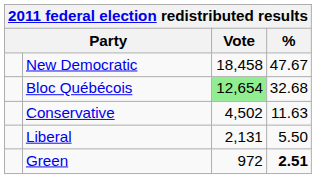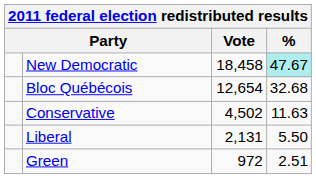 <table class="wikitable">
 <tr>
 <th colspan="4"><a href='#'>2011 federal election</a> redistributed results</th>
 </tr>
 <tr>
 <th bgcolor="#DDDDFF" width="130px" colspan="2">Party</th>
 <th bgcolor="#DDDDFF" width="50px">Vote</th>
 <th bgcolor="#DDDDFF" width="30px">%</th>
 </tr>
 <tr>
 <td> </td>
 <td><a href='#'>New Democratic</a></td>
 <td align=right>18,458</td>
-<td align=right>47.67</td>
+<td align=right style="background: paleturquoise;">47.67</td>
 </tr>
 <tr>
 <td> </td>
 <td><a href='#'>Bloc Québécois</a></td>
-<td align=right style="background: lightgreen;">12,654</td>
+<td align=right>12,654</td>
 <td align=right>32.68</td>
 </tr>
 <tr>
 <td> </td>
 <td><a href='#'>Conservative</a></td>
 <td align=right>4,502</td>
 <td align=right>11.63</td>
 </tr>
 <tr>
 <td> </td>
 <td><a href='#'>Liberal</a></td>
 <td align=right>2,131</td>
 <td align=right>5.50</td>
 </tr>
 <tr>
 <td> </td>
 <td><a href='#'>Green</a></td>
 <td align=right>972</td>
-<td align=right><strong>2.51</strong></td>
+<td align=right>2.51</td>
 </tr>
 </table>
